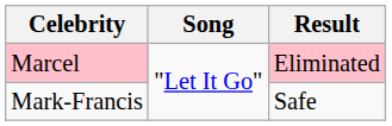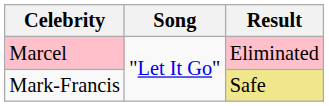 <table class="wikitable sortable collapsed">
 <tr>
 <th>Celebrity</th>
 <th>Song</th>
 <th>Result</th>
 </tr>
 <tr>
 <td style="background:pink;">Marcel</td>
 <td rowspan=2>"<a href='#'>Let It Go</a>"</td>
 <td style="background:pink;">Eliminated</td>
 </tr>
 <tr>
 <td>Mark-Francis</td>
-<td>Safe</td>
+<td style="background: khaki;">Safe</td>
 </tr>
 </table>
